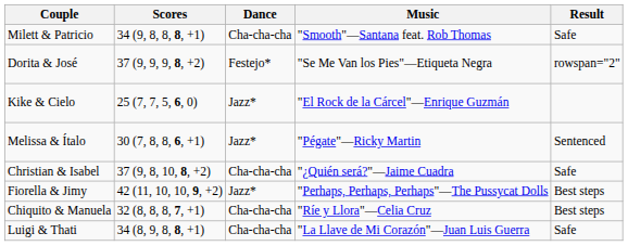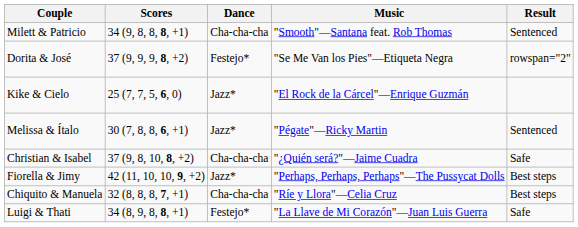 <table class="wikitable sortable" style="width:95%; white-space:nowrap">
 <tr>
 <th style="width:15%;">Couple<br></th>
 <th style="width:14%;">Scores</th>
 <th style="width:14%;">Dance</th>
 <th style="width:40%;">Music</th>
 <th style="width:12%;">Result</th>
 </tr>
 <tr>
 <td>Milett & Patricio<br></td>
 <td>34 (9, 8, 8, <strong>8</strong>, +1)</td>
 <td>Cha-cha-cha</td>
 <td>"<a href='#'>Smooth</a>"—<a href='#'>Santana</a> feat. <a href='#'>Rob Thomas</a></td>
-<td>Safe</td>
+<td>Sentenced</td>
 </tr>
 <tr style="height:50px">
 <td>Dorita & José</td>
 <td>37 (9, 9, 9, <strong>8</strong>, +2)</td>
 <td>Festejo*</td>
 <td>"Se Me Van los Pies"—Etiqueta Negra</td>
 <td>rowspan="2" </td>
 </tr>
 <tr style="height:50px">
 <td>Kike & Cielo</td>
 <td>25 (7, 7, 5, <strong>6</strong>, 0)</td>
 <td>Jazz*</td>
 <td>"<a href='#'>El Rock de la Cárcel</a>"—<a href='#'>Enrique Guzmán</a></td>
 </tr>
 <tr style="height:50px">
 <td>Melissa & Ítalo</td>
 <td>30 (7, 8, 8, <strong>6</strong>, +1)</td>
 <td>Jazz*</td>
 <td>"<a href='#'>Pégate</a>"—<a href='#'>Ricky Martin</a></td>
 <td>Sentenced</td>
 </tr>
 <tr>
 <td>Christian & Isabel<br></td>
 <td>37 (9, 8, 10, <strong>8</strong>, +2)</td>
 <td>Cha-cha-cha</td>
 <td>"<a href='#'>¿Quién será?</a>"—<a href='#'>Jaime Cuadra</a></td>
 <td>Safe</td>
 </tr>
 <tr>
 <td>Fiorella & Jimy<br></td>
 <td>42 (11, 10, 10, <strong>9</strong>, +2)</td>
 <td>Jazz*</td>
 <td>"<a href='#'>Perhaps, Perhaps, Perhaps</a>"—<a href='#'>The Pussycat Dolls</a></td>
 <td>Best steps</td>
 </tr>
 <tr>
 <td>Chiquito & Manuela<br></td>
 <td>32 (8, 8, 8, <strong>7</strong>, +1)</td>
 <td>Cha-cha-cha</td>
 <td>"<a href='#'>Ríe y Llora</a>"—<a href='#'>Celia Cruz</a></td>
 <td>Best steps</td>
 </tr>
 <tr>
 <td>Luigi & Thati<br></td>
 <td>34 (8, 9, 8, <strong>8</strong>, +1)</td>
-<td>Cha-cha-cha</td>
+<td>Festejo*</td>
 <td>"<a href='#'>La Llave de Mi Corazón</a>"—<a href='#'>Juan Luis Guerra</a></td>
 <td>Safe</td>
 </tr>
 </table>
